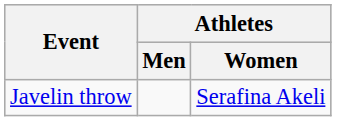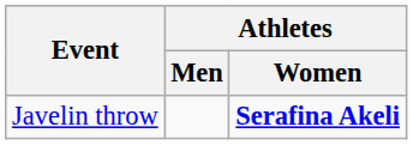 <table class=wikitable style="font-size:90%">
 <tr>
 <th rowspan=2>Event</th>
 <th colspan=2>Athletes</th>
 </tr>
 <tr>
 <th>Men</th>
 <th>Women</th>
 </tr>
 <tr>
 <td><a href='#'>Javelin throw</a></td>
 <td></td>
-<td><a href='#'>Serafina Akeli</a></td>
+<td><strong><a href='#'>Serafina Akeli</a></strong></td>
 </tr>
 </table>
